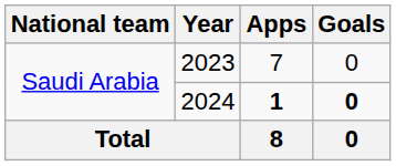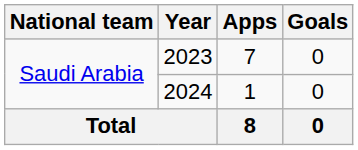 <table class="wikitable" style="text-align:center">
 <tr>
 <th>National team</th>
 <th>Year</th>
 <th>Apps</th>
 <th>Goals</th>
 </tr>
 <tr>
 <td rowspan="2"><a href='#'>Saudi Arabia</a></td>
 <td>2023</td>
 <td>7</td>
 <td>0</td>
 </tr>
 <tr>
 <td>2024</td>
-<td><strong>1</strong></td>
-<td><strong>0</strong></td>
+<td>1</td>
+<td>0</td>
 </tr>
 <tr>
 <th colspan="2">Total</th>
 <th>8</th>
 <th>0</th>
 </tr>
 </table>
